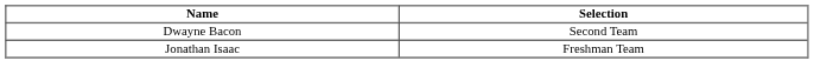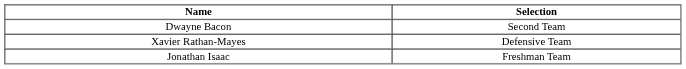 <table cellpadding="1" border="1" cellspacing="0" width="80%">
 <tr>
 <th>Name</th>
 <th>Selection</th>
 </tr>
 <tr align="center">
 <td>Dwayne Bacon</td>
 <td>Second Team</td>
 </tr>
 <tr align="center">
+<td>Xavier Rathan-Mayes</td>
+<td>Defensive Team</td>
+</tr>
+<tr align="center">
 <td>Jonathan Isaac</td>
 <td>Freshman Team</td>
 </tr>
 </table>
